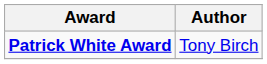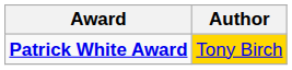 <table class="wikitable">
 <tr>
 <th>Award</th>
 <th>Author</th>
 </tr>
 <tr>
 <td><strong><a href='#'>Patrick White Award</a></strong></td>
-<td><a href='#'>Tony Birch</a></td>
+<td style="background: gold;"><a href='#'>Tony Birch</a></td>
 </tr>
 <tr>
 </tr>
 </table>
